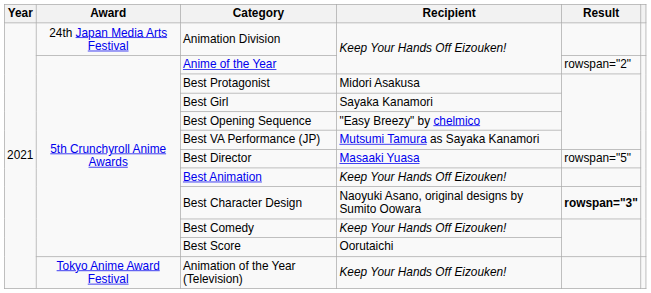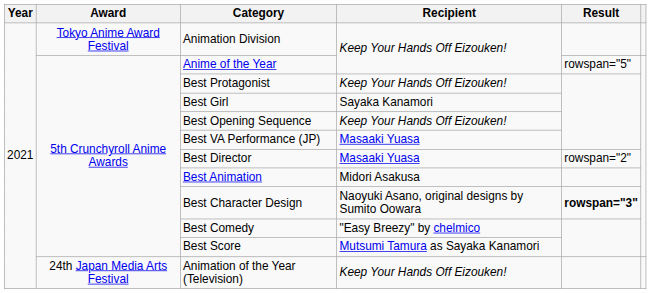 <table class="wikitable plainrowheaders sortable">
 <tr>
 <th scope="col">Year</th>
 <th scope="col">Award</th>
 <th scope="col">Category</th>
 <th scope="col">Recipient</th>
 <th>Result</th>
 <th scope="col" class="unsortable"></th>
 </tr>
 <tr>
 <td rowspan="14" align="center">2021</td>
-<td align="center">24th <a href='#'>Japan Media Arts Festival</a></td>
+<td align="center"><a href='#'>Tokyo Anime Award Festival</a></td>
 <td>Animation Division</td>
 <td rowspan="2"><em>Keep Your Hands Off Eizouken!</em></td>
 <td></td>
 <td align="center"></td>
 </tr>
 <tr>
 <td rowspan="10" align="center"><a href='#'>5th Crunchyroll Anime Awards</a></td>
 <td><a href='#'>Anime of the Year</a></td>
-<td>rowspan="2" </td>
+<td>rowspan="5" </td>
 <td rowspan="10" align="center"></td>
 </tr>
 <tr>
 <td>Best Protagonist</td>
-<td>Midori Asakusa</td>
+<td><em>Keep Your Hands Off Eizouken!</em></td>
 </tr>
 <tr>
 <td>Best Girl</td>
 <td>Sayaka Kanamori</td>
 </tr>
 <tr>
 <td>Best Opening Sequence</td>
-<td>"Easy Breezy" by <a href='#'>chelmico</a></td>
+<td><em>Keep Your Hands Off Eizouken!</em></td>
 </tr>
 <tr>
 <td>Best VA Performance (JP)</td>
-<td><a href='#'>Mutsumi Tamura</a> as Sayaka Kanamori</td>
+<td><a href='#'>Masaaki Yuasa</a></td>
 </tr>
 <tr>
 <td>Best Director</td>
 <td><a href='#'>Masaaki Yuasa</a></td>
-<td>rowspan="5" </td>
+<td>rowspan="2" </td>
 </tr>
 <tr>
 <td><a href='#'>Best Animation</a></td>
-<td><em>Keep Your Hands Off Eizouken!</em></td>
+<td>Midori Asakusa</td>
 </tr>
 <tr>
 <td>Best Character Design</td>
 <td>Naoyuki Asano, original designs by Sumito Oowara</td>
 <td><strong>rowspan="3" </strong></td>
 </tr>
 <tr>
 <td>Best Comedy</td>
-<td><em>Keep Your Hands Off Eizouken!</em></td>
+<td>"Easy Breezy" by <a href='#'>chelmico</a></td>
 </tr>
 <tr>
 <td>Best Score</td>
-<td>Oorutaichi</td>
+<td><a href='#'>Mutsumi Tamura</a> as Sayaka Kanamori</td>
 </tr>
 <tr>
-<td align="center"><a href='#'>Tokyo Anime Award Festival</a></td>
+<td align="center">24th <a href='#'>Japan Media Arts Festival</a></td>
 <td>Animation of the Year (Television)</td>
 <td><em>Keep Your Hands Off Eizouken!</em></td>
 <td></td>
 <td align="center"></td>
 </tr>
 </table>
